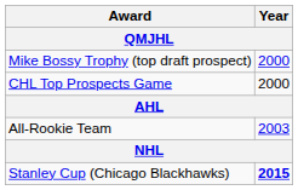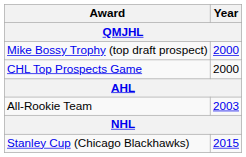 <table class="wikitable">
 <tr>
 <th>Award</th>
 <th>Year</th>
 </tr>
 <tr>
 <th colspan="2"><a href='#'>QMJHL</a></th>
 </tr>
 <tr>
 <td><a href='#'>Mike Bossy Trophy</a> (top draft prospect)</td>
 <td><a href='#'>2000</a></td>
 </tr>
 <tr>
 <td><a href='#'>CHL Top Prospects Game</a></td>
 <td>2000</td>
 </tr>
 <tr>
 <th colspan="2"><a href='#'>AHL</a></th>
 </tr>
 <tr>
 <td>All-Rookie Team</td>
 <td><a href='#'>2003</a></td>
 </tr>
 <tr>
 <th colspan="2"><a href='#'>NHL</a></th>
 </tr>
 <tr>
 <td><a href='#'>Stanley Cup</a> (Chicago Blackhawks)</td>
-<td><strong><a href='#'>2015</a></strong></td>
+<td><a href='#'>2015</a></td>
 </tr>
 </table>
